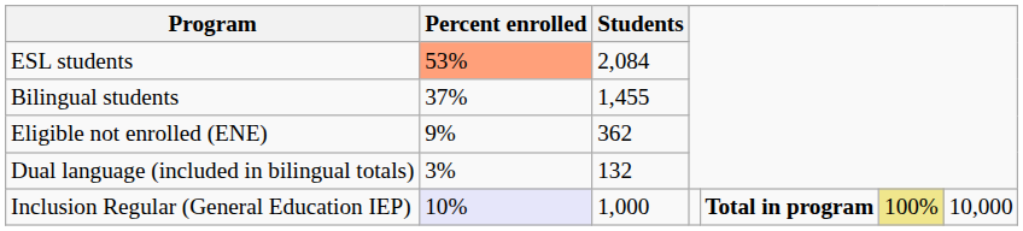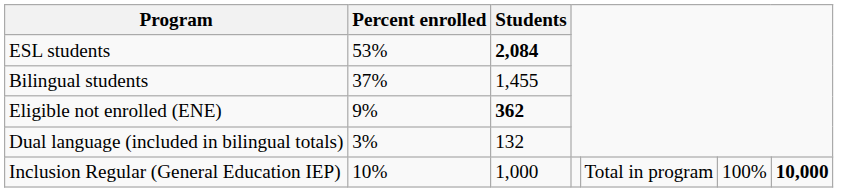 <table class="wikitable">
 <tr>
 <th>Program</th>
 <th>Percent enrolled</th>
 <th>Students</th>
 </tr>
 <tr>
 <td>ESL students</td>
-<td style="background: lightsalmon;">53%</td>
-<td>2,084</td>
+<td>53%</td>
+<td><strong>2,084</strong></td>
 </tr>
 <tr>
 <td>Bilingual students</td>
 <td>37%</td>
 <td>1,455</td>
 </tr>
 <tr>
 <td>Eligible not enrolled (ENE)</td>
 <td>9%</td>
-<td>362</td>
+<td><strong>362</strong></td>
 </tr>
 <tr>
 <td>Dual language (included in bilingual totals)</td>
 <td>3%</td>
 <td>132</td>
 </tr>
 <tr>
 <td>Inclusion Regular (General Education IEP)</td>
-<td style="background: lavender;">10%</td>
+<td>10%</td>
 <td>1,000</td>
 <td></td>
-<td><strong>Total in program</strong></td>
-<td style="background: khaki;">100%</td>
-<td>10,000</td>
+<td>Total in program</td>
+<td>100%</td>
+<td><strong>10,000</strong></td>
 </tr>
 </table>
